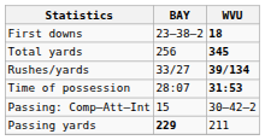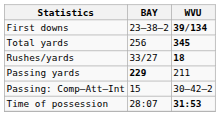 <table class="wikitable" style="float: left;">
 <tr>
 <th>Statistics</th>
 <th>BAY</th>
 <th>WVU</th>
 </tr>
 <tr>
 <td>First downs</td>
 <td>23–38–2</td>
-<td><strong>18</strong></td>
+<td><strong>39</strong>/<strong>134</strong></td>
 </tr>
 <tr>
 <td>Total yards</td>
 <td>256</td>
 <td><strong>345</strong></td>
 </tr>
 <tr>
 <td>Rushes/yards</td>
 <td>33/27</td>
-<td><strong>39</strong>/<strong>134</strong></td>
+<td><strong>18</strong></td>
+</tr>
+<tr>
+<td>Passing yards</td>
+<td><strong>229</strong></td>
+<td>211</td>
+</tr>
+<tr>
+<td>Passing: Comp–Att–Int</td>
+<td>15</td>
+<td>30–42–2</td>
 </tr>
 <tr>
 <td>Time of possession</td>
 <td>28:07</td>
 <td><strong>31:53</strong></td>
 </tr>
 <tr>
-<td>Passing: Comp–Att–Int</td>
-<td>15</td>
-<td>30–42–2</td>
-</tr>
-<tr>
-<td>Passing yards</td>
-<td><strong>229</strong></td>
-<td>211</td>
-</tr>
-<tr>
 </tr>
 </table>
